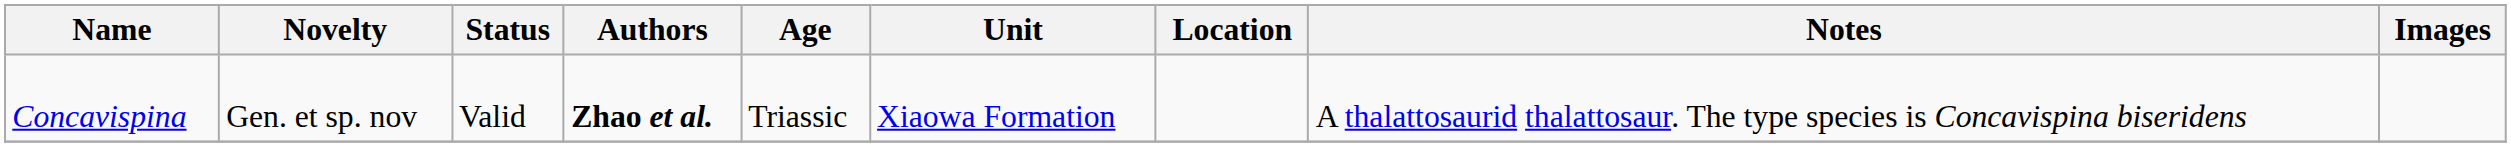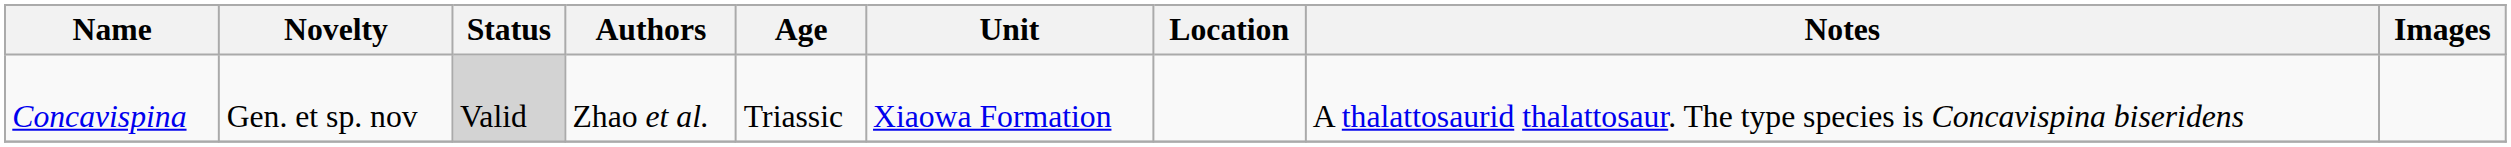 <table class="wikitable sortable" align="center" width="100%">
 <tr>
 <th>Name</th>
 <th>Novelty</th>
 <th>Status</th>
 <th>Authors</th>
 <th>Age</th>
 <th>Unit</th>
 <th>Location</th>
 <th>Notes</th>
 <th>Images</th>
 </tr>
 <tr>
 <td><br><em><a href='#'>Concavispina</a></em></td>
 <td><br>Gen. et sp. nov</td>
-<td><br>Valid</td>
-<td><strong><br>Zhao <em>et al.</em></strong></td>
+<td style="background: lightgrey;"><br>Valid</td>
+<td><br>Zhao <em>et al.</em></td>
 <td><br>Triassic</td>
 <td><br><a href='#'>Xiaowa Formation</a></td>
 <td><br></td>
 <td><br>A <a href='#'>thalattosaurid</a> <a href='#'>thalattosaur</a>. The type species is <em>Concavispina biseridens</em></td>
 <td></td>
 </tr>
 <tr>
 </tr>
 </table>
